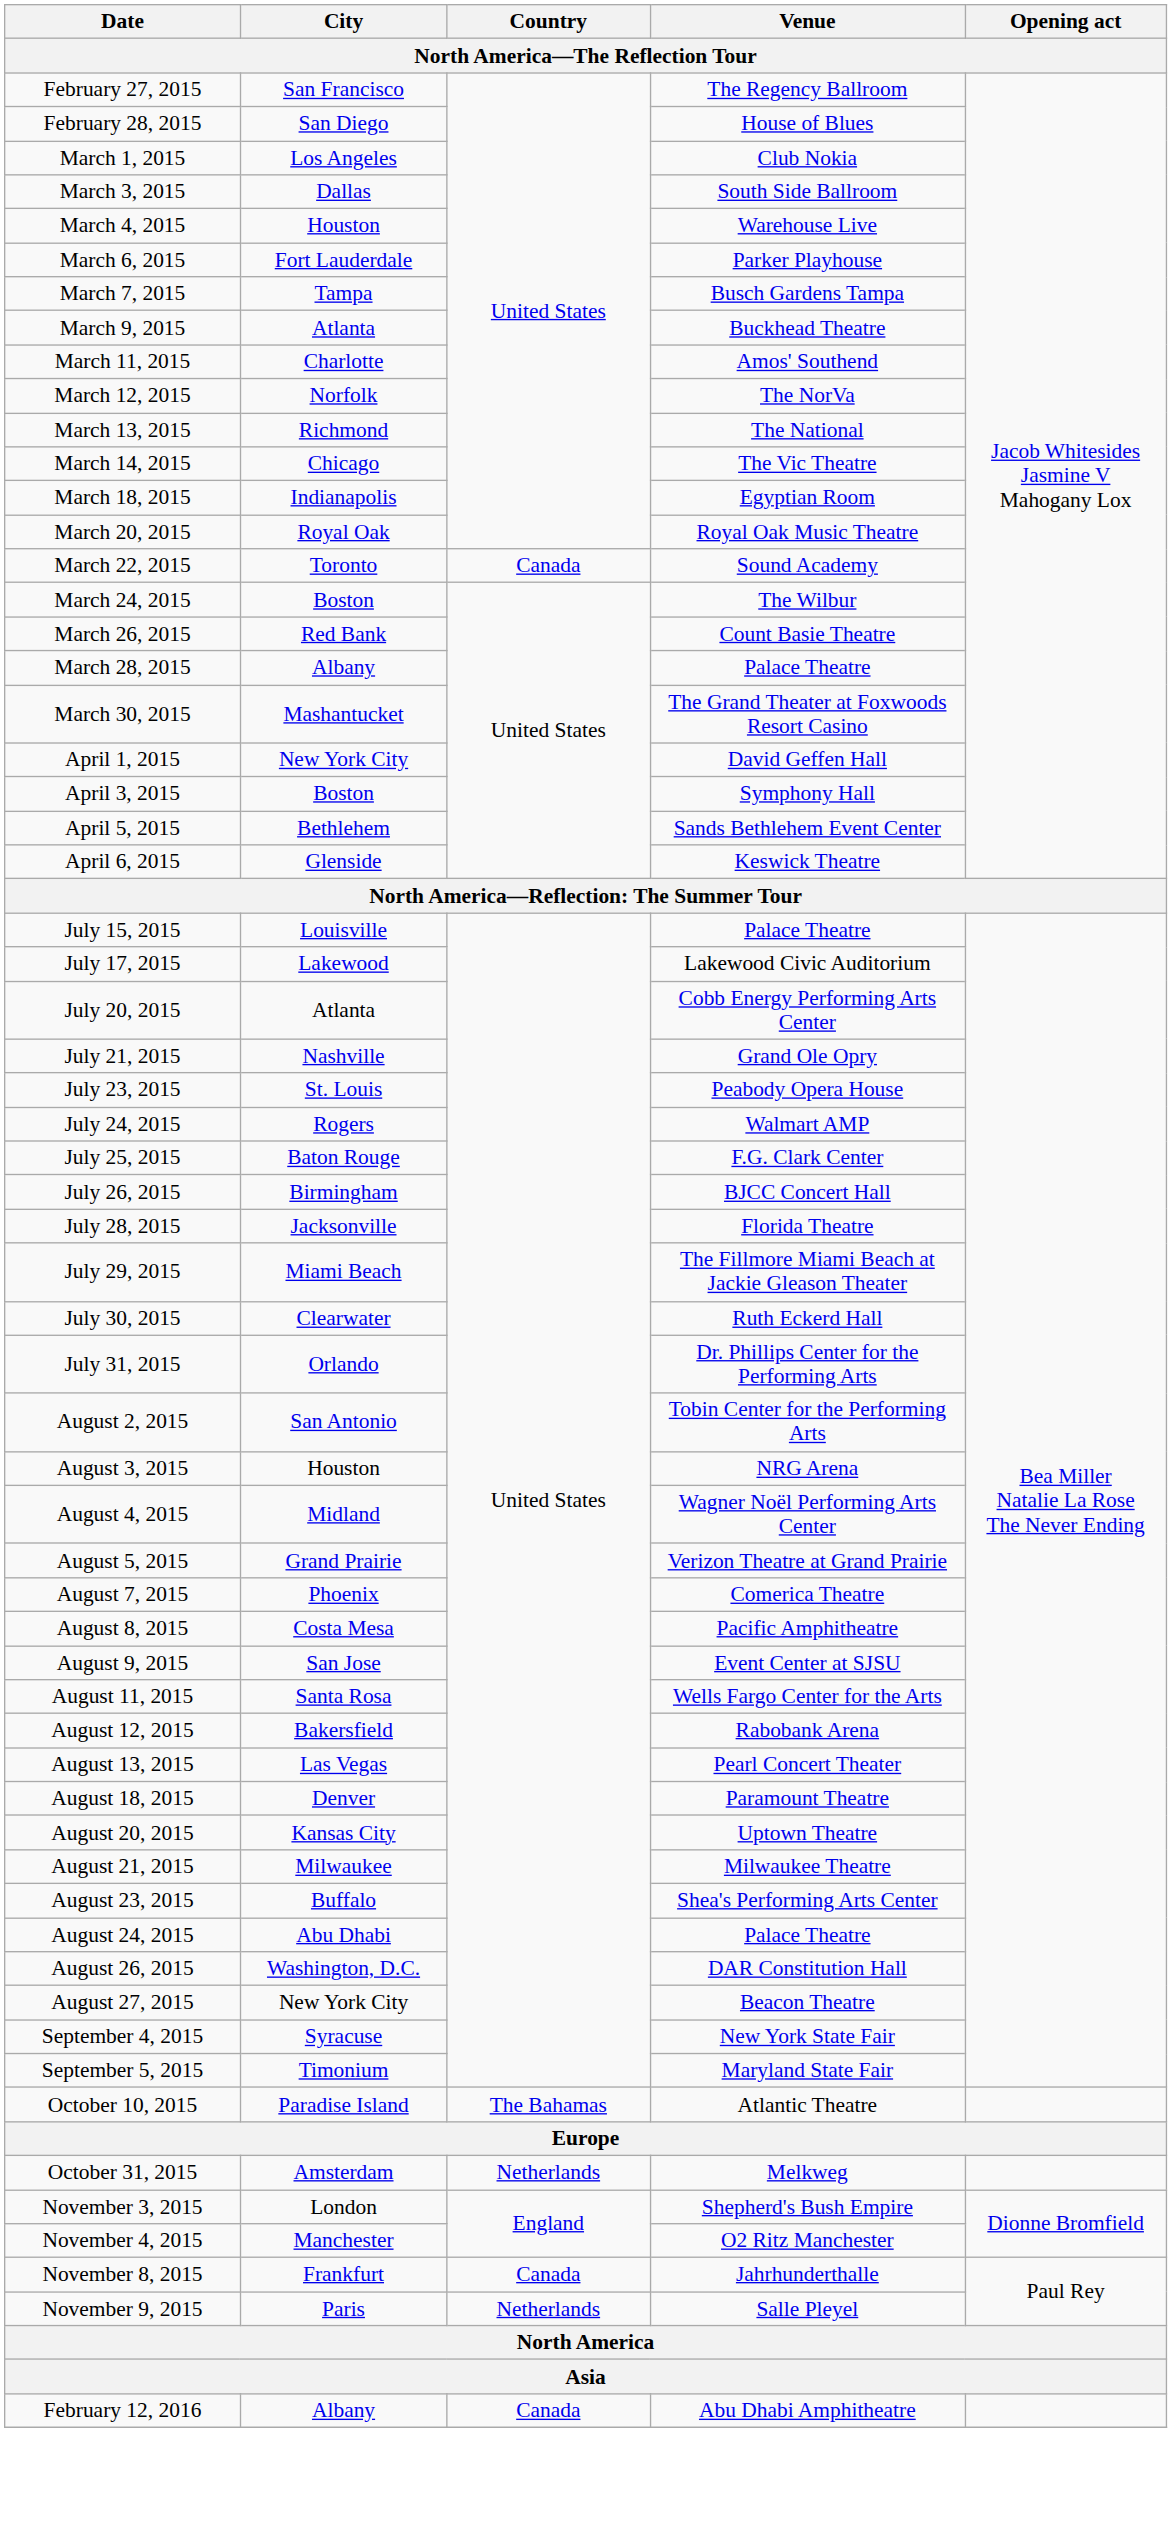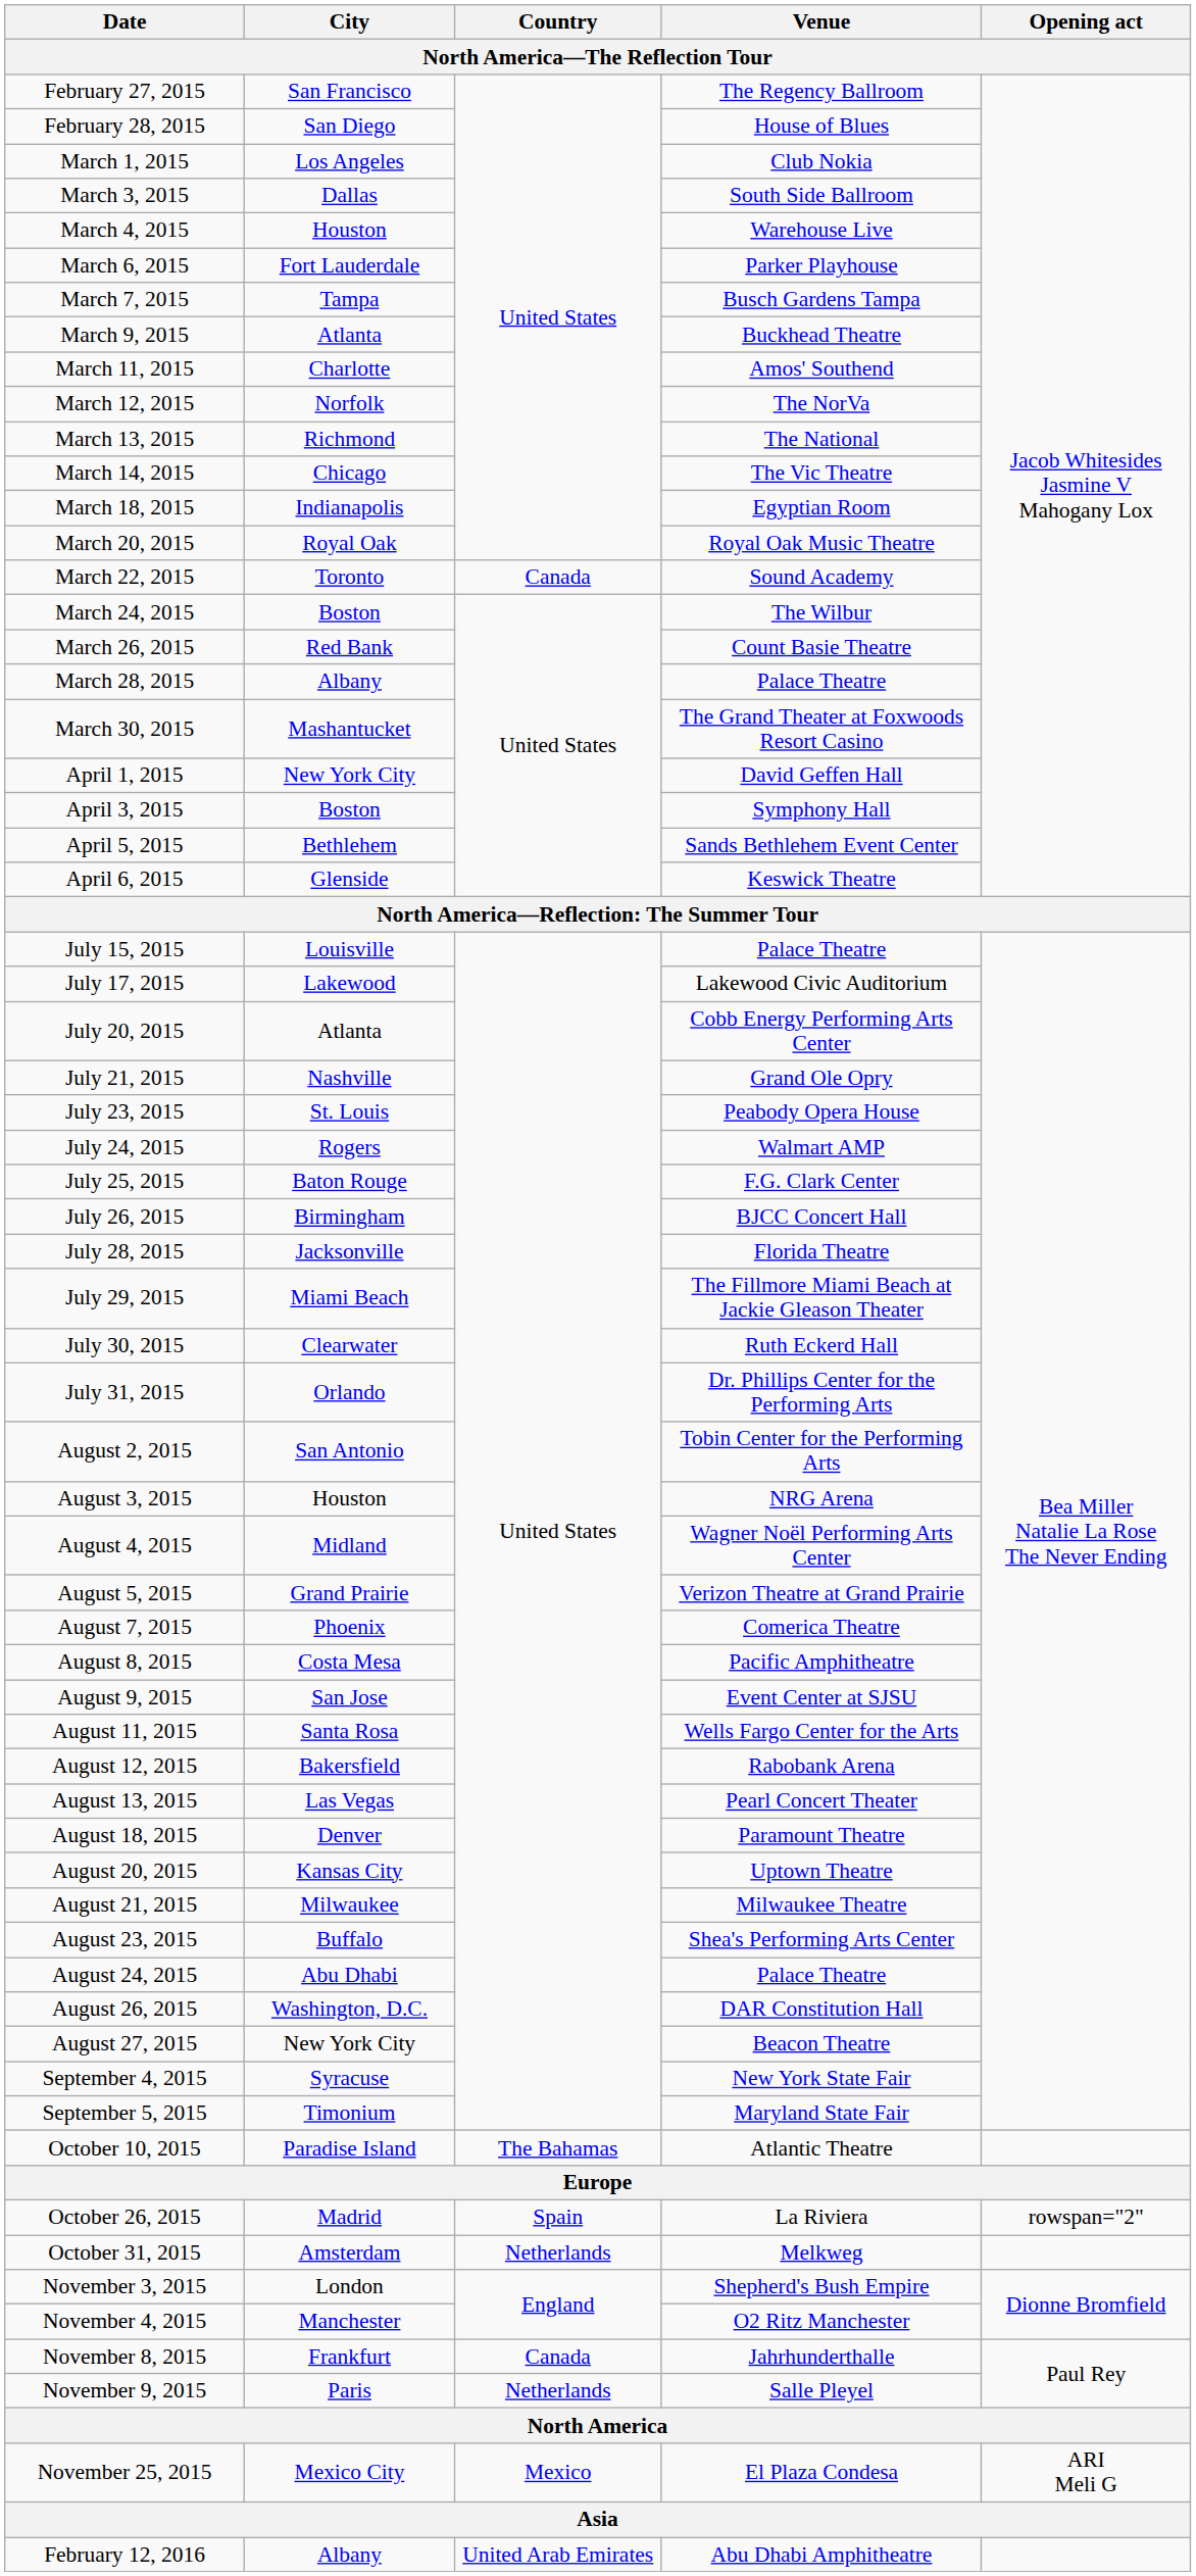 <table class="wikitable" style="text-align:center;">
 <tr>
 <th scope="col" style="width:12em;">Date</th>
 <th scope="col" style="width:10em;">City</th>
 <th scope="col" style="width:10em;">Country</th>
 <th scope="col" style="width:16em;">Venue</th>
 <th scope="col" style="width:10em;">Opening act</th>
 </tr>
 <tr>
 <th colspan="5">North America—The Reflection Tour</th>
 </tr>
 <tr>
 <td>February 27, 2015</td>
 <td><a href='#'>San Francisco</a></td>
 <td rowspan="14"><a href='#'>United States</a></td>
 <td><a href='#'>The Regency Ballroom</a></td>
 <td rowspan="23"><a href='#'>Jacob Whitesides</a><br><a href='#'>Jasmine V</a><br>Mahogany Lox</td>
 </tr>
 <tr>
 <td>February 28, 2015</td>
 <td><a href='#'>San Diego</a></td>
 <td><a href='#'>House of Blues</a></td>
 </tr>
 <tr>
 <td>March 1, 2015</td>
 <td><a href='#'>Los Angeles</a></td>
 <td><a href='#'>Club Nokia</a></td>
 </tr>
 <tr>
 <td>March 3, 2015</td>
 <td><a href='#'>Dallas</a></td>
 <td><a href='#'>South Side Ballroom</a></td>
 </tr>
 <tr>
 <td>March 4, 2015</td>
 <td><a href='#'>Houston</a></td>
 <td><a href='#'>Warehouse Live</a></td>
 </tr>
 <tr>
 <td>March 6, 2015</td>
 <td><a href='#'>Fort Lauderdale</a></td>
 <td><a href='#'>Parker Playhouse</a></td>
 </tr>
 <tr>
 <td>March 7, 2015</td>
 <td><a href='#'>Tampa</a></td>
 <td><a href='#'>Busch Gardens Tampa</a></td>
 </tr>
 <tr>
 <td>March 9, 2015</td>
 <td><a href='#'>Atlanta</a></td>
 <td><a href='#'>Buckhead Theatre</a></td>
 </tr>
 <tr>
 <td>March 11, 2015</td>
 <td><a href='#'>Charlotte</a></td>
 <td><a href='#'>Amos' Southend</a></td>
 </tr>
 <tr>
 <td>March 12, 2015</td>
 <td><a href='#'>Norfolk</a></td>
 <td><a href='#'>The NorVa</a></td>
 </tr>
 <tr>
 <td>March 13, 2015</td>
 <td><a href='#'>Richmond</a></td>
 <td><a href='#'>The National</a></td>
 </tr>
 <tr>
 <td>March 14, 2015</td>
 <td><a href='#'>Chicago</a></td>
 <td><a href='#'>The Vic Theatre</a></td>
 </tr>
 <tr>
 <td>March 18, 2015</td>
 <td><a href='#'>Indianapolis</a></td>
 <td><a href='#'>Egyptian Room</a></td>
 </tr>
 <tr>
 <td>March 20, 2015</td>
 <td><a href='#'>Royal Oak</a></td>
 <td><a href='#'>Royal Oak Music Theatre</a></td>
 </tr>
 <tr>
 <td>March 22, 2015</td>
 <td><a href='#'>Toronto</a></td>
 <td><a href='#'>Canada</a></td>
 <td><a href='#'>Sound Academy</a></td>
 </tr>
 <tr>
 <td>March 24, 2015</td>
 <td><a href='#'>Boston</a></td>
 <td rowspan="8">United States</td>
 <td><a href='#'>The Wilbur</a></td>
 </tr>
 <tr>
 <td>March 26, 2015</td>
 <td><a href='#'>Red Bank</a></td>
 <td><a href='#'>Count Basie Theatre</a></td>
 </tr>
 <tr>
 <td>March 28, 2015</td>
 <td><a href='#'>Albany</a></td>
 <td><a href='#'>Palace Theatre</a></td>
 </tr>
 <tr>
 <td>March 30, 2015</td>
 <td><a href='#'>Mashantucket</a></td>
 <td><a href='#'>The Grand Theater at Foxwoods Resort Casino</a></td>
 </tr>
 <tr>
 <td>April 1, 2015</td>
 <td><a href='#'>New York City</a></td>
 <td><a href='#'>David Geffen Hall</a></td>
 </tr>
 <tr>
 <td>April 3, 2015</td>
 <td><a href='#'>Boston</a></td>
 <td><a href='#'>Symphony Hall</a></td>
 </tr>
 <tr>
 <td>April 5, 2015</td>
 <td><a href='#'>Bethlehem</a></td>
 <td><a href='#'>Sands Bethlehem Event Center</a></td>
 </tr>
 <tr>
 <td>April 6, 2015</td>
 <td><a href='#'>Glenside</a></td>
 <td><a href='#'>Keswick Theatre</a></td>
 </tr>
 <tr>
 <th colspan="5">North America—Reflection: The Summer Tour</th>
 </tr>
 <tr>
 <td>July 15, 2015</td>
 <td><a href='#'>Louisville</a></td>
 <td rowspan="31">United States</td>
 <td><a href='#'>Palace Theatre</a></td>
 <td rowspan="31"><a href='#'>Bea Miller</a><br><a href='#'>Natalie La Rose</a><br><a href='#'>The Never Ending</a></td>
 </tr>
 <tr>
 <td>July 17, 2015</td>
 <td><a href='#'>Lakewood</a></td>
 <td>Lakewood Civic Auditorium</td>
 </tr>
 <tr>
 <td>July 20, 2015</td>
 <td>Atlanta</td>
 <td><a href='#'>Cobb Energy Performing Arts Center</a></td>
 </tr>
 <tr>
 <td>July 21, 2015</td>
 <td><a href='#'>Nashville</a></td>
 <td><a href='#'>Grand Ole Opry</a></td>
 </tr>
 <tr>
 <td>July 23, 2015</td>
 <td><a href='#'>St. Louis</a></td>
 <td><a href='#'>Peabody Opera House</a></td>
 </tr>
 <tr>
 <td>July 24, 2015</td>
 <td><a href='#'>Rogers</a></td>
 <td><a href='#'>Walmart AMP</a></td>
 </tr>
 <tr>
 <td>July 25, 2015</td>
 <td><a href='#'>Baton Rouge</a></td>
 <td><a href='#'>F.G. Clark Center</a></td>
 </tr>
 <tr>
 <td>July 26, 2015</td>
 <td><a href='#'>Birmingham</a></td>
 <td><a href='#'>BJCC Concert Hall</a></td>
 </tr>
 <tr>
 <td>July 28, 2015</td>
 <td><a href='#'>Jacksonville</a></td>
 <td><a href='#'>Florida Theatre</a></td>
 </tr>
 <tr>
 <td>July 29, 2015</td>
 <td><a href='#'>Miami Beach</a></td>
 <td><a href='#'>The Fillmore Miami Beach at Jackie Gleason Theater</a></td>
 </tr>
 <tr>
 <td>July 30, 2015</td>
 <td><a href='#'>Clearwater</a></td>
 <td><a href='#'>Ruth Eckerd Hall</a></td>
 </tr>
 <tr>
 <td>July 31, 2015</td>
 <td><a href='#'>Orlando</a></td>
 <td><a href='#'>Dr. Phillips Center for the Performing Arts</a></td>
 </tr>
 <tr>
 <td>August 2, 2015</td>
 <td><a href='#'>San Antonio</a></td>
 <td><a href='#'>Tobin Center for the Performing Arts</a></td>
 </tr>
 <tr>
 <td>August 3, 2015</td>
 <td>Houston</td>
 <td><a href='#'>NRG Arena</a></td>
 </tr>
 <tr>
 <td>August 4, 2015</td>
 <td><a href='#'>Midland</a></td>
 <td><a href='#'>Wagner Noël Performing Arts Center</a></td>
 </tr>
 <tr>
 <td>August 5, 2015</td>
 <td><a href='#'>Grand Prairie</a></td>
 <td><a href='#'>Verizon Theatre at Grand Prairie</a></td>
 </tr>
 <tr>
 <td>August 7, 2015</td>
 <td><a href='#'>Phoenix</a></td>
 <td><a href='#'>Comerica Theatre</a></td>
 </tr>
 <tr>
 <td>August 8, 2015</td>
 <td><a href='#'>Costa Mesa</a></td>
 <td><a href='#'>Pacific Amphitheatre</a></td>
 </tr>
 <tr>
 <td>August 9, 2015</td>
 <td><a href='#'>San Jose</a></td>
 <td><a href='#'>Event Center at SJSU</a></td>
 </tr>
 <tr>
 <td>August 11, 2015</td>
 <td><a href='#'>Santa Rosa</a></td>
 <td><a href='#'>Wells Fargo Center for the Arts</a></td>
 </tr>
 <tr>
 <td>August 12, 2015</td>
 <td><a href='#'>Bakersfield</a></td>
 <td><a href='#'>Rabobank Arena</a></td>
 </tr>
 <tr>
 <td>August 13, 2015</td>
 <td><a href='#'>Las Vegas</a></td>
 <td><a href='#'>Pearl Concert Theater</a></td>
 </tr>
 <tr>
 <td>August 18, 2015</td>
 <td><a href='#'>Denver</a></td>
 <td><a href='#'>Paramount Theatre</a></td>
 </tr>
 <tr>
 <td>August 20, 2015</td>
 <td><a href='#'>Kansas City</a></td>
 <td><a href='#'>Uptown Theatre</a></td>
 </tr>
 <tr>
 <td>August 21, 2015</td>
 <td><a href='#'>Milwaukee</a></td>
 <td><a href='#'>Milwaukee Theatre</a></td>
 </tr>
 <tr>
 <td>August 23, 2015</td>
 <td><a href='#'>Buffalo</a></td>
 <td><a href='#'>Shea's Performing Arts Center</a></td>
 </tr>
 <tr>
 <td>August 24, 2015</td>
 <td><a href='#'>Abu Dhabi</a></td>
 <td><a href='#'>Palace Theatre</a></td>
 </tr>
 <tr>
 <td>August 26, 2015</td>
 <td><a href='#'>Washington, D.C.</a></td>
 <td><a href='#'>DAR Constitution Hall</a></td>
 </tr>
 <tr>
 <td>August 27, 2015</td>
 <td>New York City</td>
 <td><a href='#'>Beacon Theatre</a></td>
 </tr>
 <tr>
 <td>September 4, 2015</td>
 <td><a href='#'>Syracuse</a></td>
 <td><a href='#'>New York State Fair</a></td>
 </tr>
 <tr>
 <td>September 5, 2015</td>
 <td><a href='#'>Timonium</a></td>
 <td><a href='#'>Maryland State Fair</a></td>
 </tr>
 <tr>
 <td>October 10, 2015</td>
 <td><a href='#'>Paradise Island</a></td>
 <td><a href='#'>The Bahamas</a></td>
 <td>Atlantic Theatre</td>
 <td></td>
 </tr>
 <tr>
 <th colspan="5">Europe</th>
 </tr>
 <tr>
+<td>October 26, 2015</td>
+<td><a href='#'>Madrid</a></td>
+<td><a href='#'>Spain</a></td>
+<td>La Riviera</td>
+<td>rowspan="2" </td>
+</tr>
+<tr>
 <td>October 31, 2015</td>
 <td><a href='#'>Amsterdam</a></td>
 <td><a href='#'>Netherlands</a></td>
 <td><a href='#'>Melkweg</a></td>
 </tr>
 <tr>
 <td>November 3, 2015</td>
 <td>London</td>
 <td rowspan="2"><a href='#'>England</a></td>
 <td><a href='#'>Shepherd's Bush Empire</a></td>
 <td rowspan="2"><a href='#'>Dionne Bromfield</a></td>
 </tr>
 <tr>
 <td>November 4, 2015</td>
 <td><a href='#'>Manchester</a></td>
 <td><a href='#'>O2 Ritz Manchester</a></td>
 </tr>
 <tr>
 <td>November 8, 2015</td>
 <td><a href='#'>Frankfurt</a></td>
 <td><a href='#'>Canada</a></td>
 <td><a href='#'>Jahrhunderthalle</a></td>
 <td rowspan="2">Paul Rey</td>
 </tr>
 <tr>
 <td>November 9, 2015</td>
 <td><a href='#'>Paris</a></td>
 <td><a href='#'>Netherlands</a></td>
 <td><a href='#'>Salle Pleyel</a></td>
 </tr>
 <tr>
 <th colspan="5">North America</th>
 </tr>
 <tr>
+<td>November 25, 2015</td>
+<td><a href='#'>Mexico City</a></td>
+<td><a href='#'>Mexico</a></td>
+<td><a href='#'>El Plaza Condesa</a></td>
+<td>ARI <br> Meli G</td>
+</tr>
+<tr>
 <th colspan="5">Asia</th>
 </tr>
 <tr>
 <td>February 12, 2016</td>
 <td><a href='#'>Albany</a></td>
-<td><a href='#'>Canada</a></td>
+<td><a href='#'>United Arab Emirates</a></td>
 <td><a href='#'>Abu Dhabi Amphitheatre</a></td>
 <td></td>
 </tr>
 <tr>
 </tr>
 </table>
